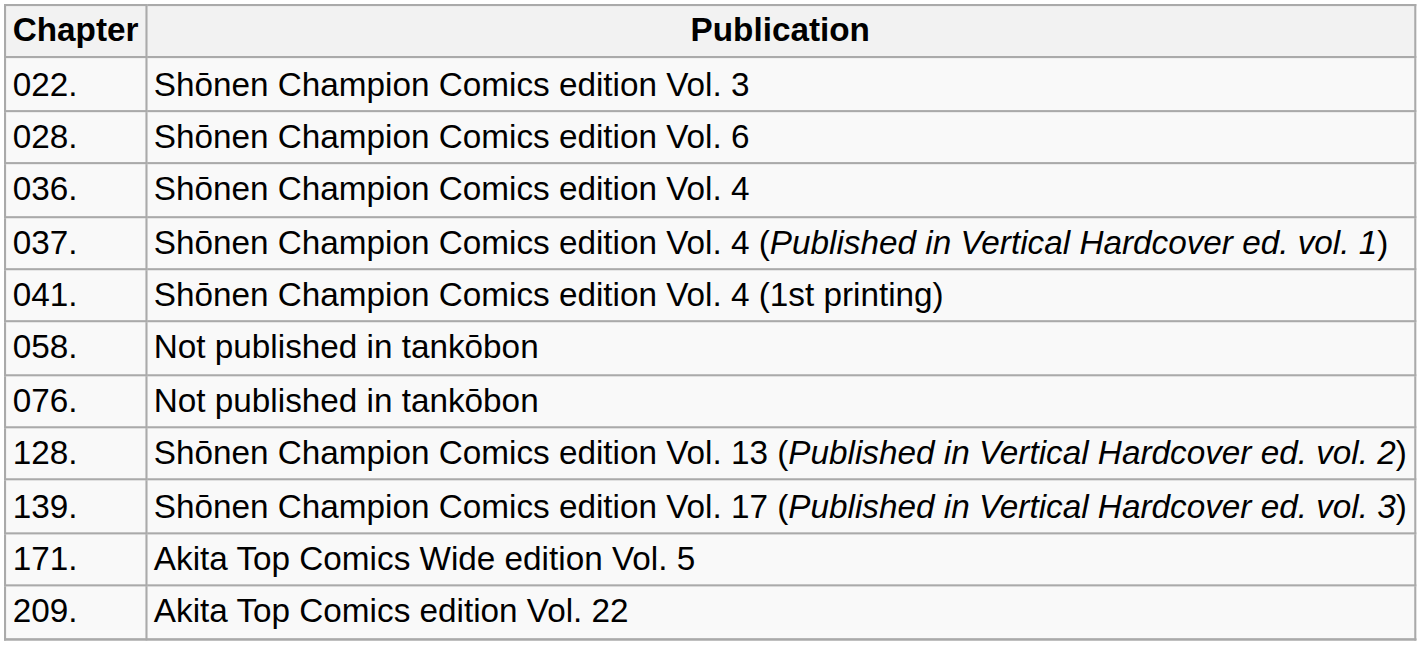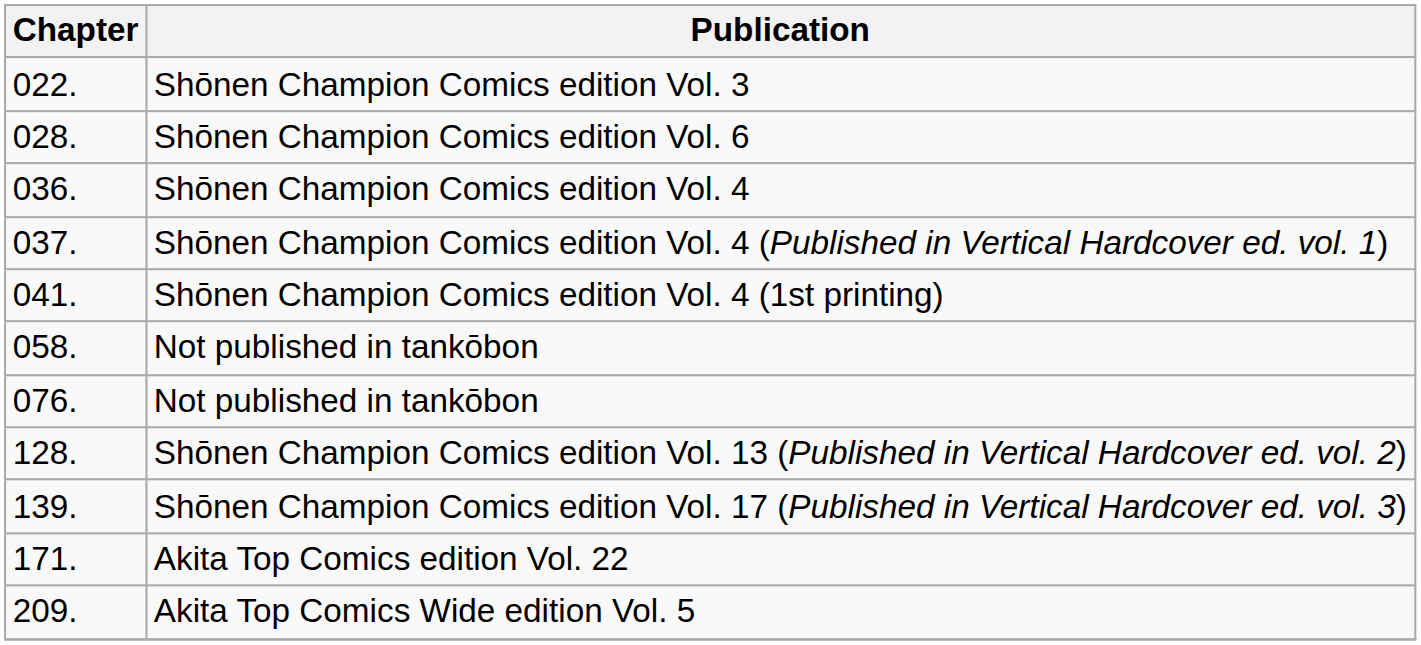 <table class="wikitable sortable">
 <tr bgcolor="#ececec">
 <th>Chapter</th>
 <th>Publication</th>
 </tr>
 <tr>
 <td>022. </td>
 <td>Shōnen Champion Comics edition Vol. 3</td>
 </tr>
 <tr>
 <td>028. </td>
 <td>Shōnen Champion Comics edition Vol. 6</td>
 </tr>
 <tr>
 <td>036. </td>
 <td>Shōnen Champion Comics edition Vol. 4</td>
 </tr>
 <tr>
 <td>037. </td>
 <td>Shōnen Champion Comics edition Vol. 4 (<em>Published in Vertical Hardcover ed. vol. 1</em>)</td>
 </tr>
 <tr>
 <td>041. </td>
 <td>Shōnen Champion Comics edition Vol. 4 (1st printing)</td>
 </tr>
 <tr>
 <td>058. </td>
 <td>Not published in tankōbon</td>
 </tr>
 <tr>
 <td>076. </td>
 <td>Not published in tankōbon</td>
 </tr>
 <tr>
 <td>128. </td>
 <td>Shōnen Champion Comics edition Vol. 13 (<em>Published in Vertical Hardcover ed. vol. 2</em>)</td>
 </tr>
 <tr>
 <td>139. </td>
 <td>Shōnen Champion Comics edition Vol. 17 (<em>Published in Vertical Hardcover ed. vol. 3</em>)</td>
 </tr>
 <tr>
 <td>171. </td>
-<td>Akita Top Comics Wide edition Vol. 5</td>
+<td>Akita Top Comics edition Vol. 22</td>
 </tr>
 <tr>
 <td>209. </td>
-<td>Akita Top Comics edition Vol. 22</td>
+<td>Akita Top Comics Wide edition Vol. 5</td>
 </tr>
 <tr>
 </tr>
 </table>
